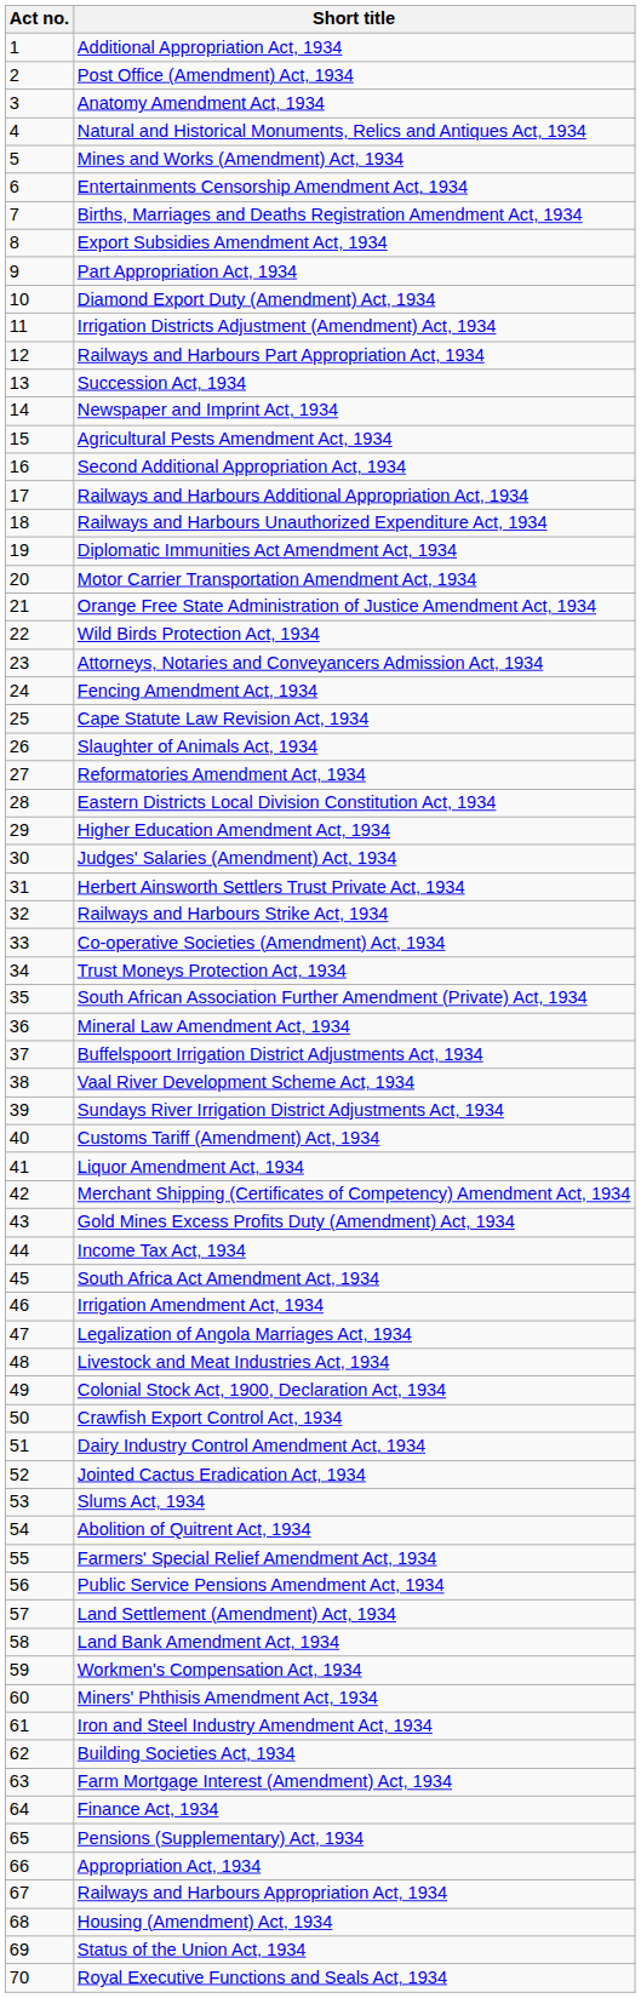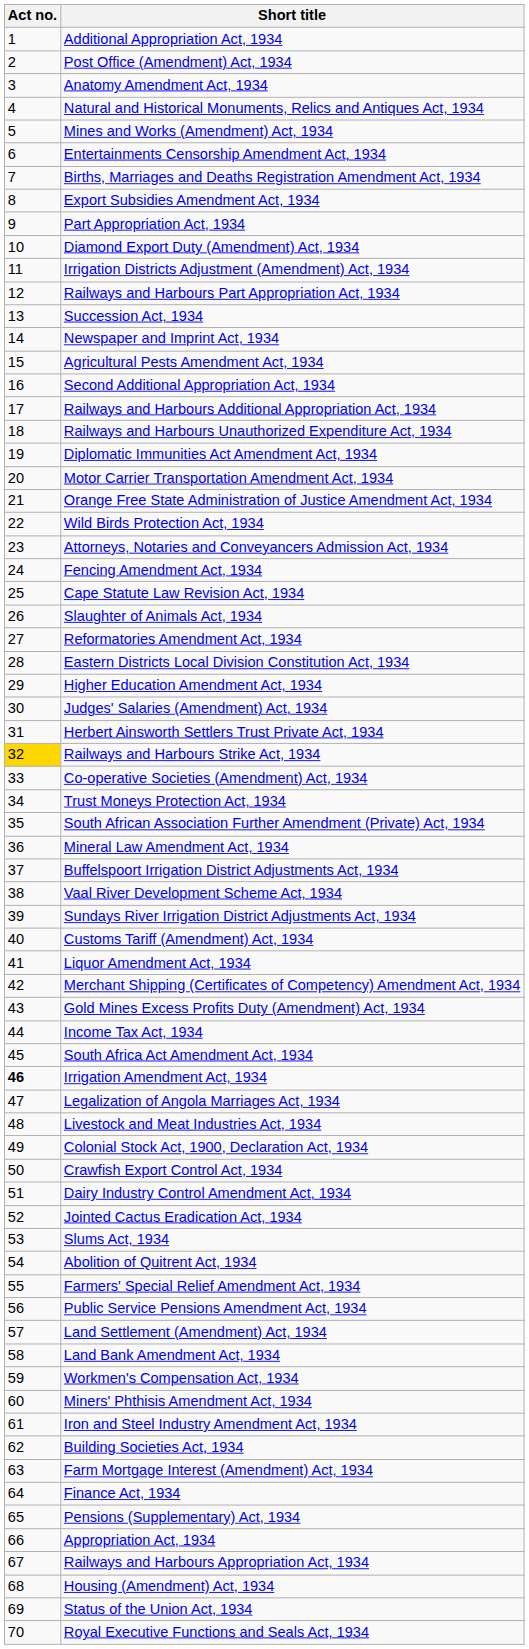 <table class="wikitable sortable">
 <tr>
 <th>Act no.</th>
 <th>Short title</th>
 </tr>
 <tr>
 <td>1</td>
 <td><a href='#'>Additional Appropriation Act, 1934</a></td>
 </tr>
 <tr>
 <td>2</td>
 <td><a href='#'>Post Office (Amendment) Act, 1934</a></td>
 </tr>
 <tr>
 <td>3</td>
 <td><a href='#'>Anatomy Amendment Act, 1934</a></td>
 </tr>
 <tr>
 <td>4</td>
 <td><a href='#'>Natural and Historical Monuments, Relics and Antiques Act, 1934</a></td>
 </tr>
 <tr>
 <td>5</td>
 <td><a href='#'>Mines and Works (Amendment) Act, 1934</a></td>
 </tr>
 <tr>
 <td>6</td>
 <td><a href='#'>Entertainments Censorship Amendment Act, 1934</a></td>
 </tr>
 <tr>
 <td>7</td>
 <td><a href='#'>Births, Marriages and Deaths Registration Amendment Act, 1934</a></td>
 </tr>
 <tr>
 <td>8</td>
 <td><a href='#'>Export Subsidies Amendment Act, 1934</a></td>
 </tr>
 <tr>
 <td>9</td>
 <td><a href='#'>Part Appropriation Act, 1934</a></td>
 </tr>
 <tr>
 <td>10</td>
 <td><a href='#'>Diamond Export Duty (Amendment) Act, 1934</a></td>
 </tr>
 <tr>
 <td>11</td>
 <td><a href='#'>Irrigation Districts Adjustment (Amendment) Act, 1934</a></td>
 </tr>
 <tr>
 <td>12</td>
 <td><a href='#'>Railways and Harbours Part Appropriation Act, 1934</a></td>
 </tr>
 <tr>
 <td>13</td>
 <td><a href='#'>Succession Act, 1934</a></td>
 </tr>
 <tr>
 <td>14</td>
 <td><a href='#'>Newspaper and Imprint Act, 1934</a></td>
 </tr>
 <tr>
 <td>15</td>
 <td><a href='#'>Agricultural Pests Amendment Act, 1934</a></td>
 </tr>
 <tr>
 <td>16</td>
 <td><a href='#'>Second Additional Appropriation Act, 1934</a></td>
 </tr>
 <tr>
 <td>17</td>
 <td><a href='#'>Railways and Harbours Additional Appropriation Act, 1934</a></td>
 </tr>
 <tr>
 <td>18</td>
 <td><a href='#'>Railways and Harbours Unauthorized Expenditure Act, 1934</a></td>
 </tr>
 <tr>
 <td>19</td>
 <td><a href='#'>Diplomatic Immunities Act Amendment Act, 1934</a></td>
 </tr>
 <tr>
 <td>20</td>
 <td><a href='#'>Motor Carrier Transportation Amendment Act, 1934</a></td>
 </tr>
 <tr>
 <td>21</td>
 <td><a href='#'>Orange Free State Administration of Justice Amendment Act, 1934</a></td>
 </tr>
 <tr>
 <td>22</td>
 <td><a href='#'>Wild Birds Protection Act, 1934</a></td>
 </tr>
 <tr>
 <td>23</td>
 <td><a href='#'>Attorneys, Notaries and Conveyancers Admission Act, 1934</a></td>
 </tr>
 <tr>
 <td>24</td>
 <td><a href='#'>Fencing Amendment Act, 1934</a></td>
 </tr>
 <tr>
 <td>25</td>
 <td><a href='#'>Cape Statute Law Revision Act, 1934</a></td>
 </tr>
 <tr>
 <td>26</td>
 <td><a href='#'>Slaughter of Animals Act, 1934</a></td>
 </tr>
 <tr>
 <td>27</td>
 <td><a href='#'>Reformatories Amendment Act, 1934</a></td>
 </tr>
 <tr>
 <td>28</td>
 <td><a href='#'>Eastern Districts Local Division Constitution Act, 1934</a></td>
 </tr>
 <tr>
 <td>29</td>
 <td><a href='#'>Higher Education Amendment Act, 1934</a></td>
 </tr>
 <tr>
 <td>30</td>
 <td><a href='#'>Judges' Salaries (Amendment) Act, 1934</a></td>
 </tr>
 <tr>
 <td>31</td>
 <td><a href='#'>Herbert Ainsworth Settlers Trust Private Act, 1934</a></td>
 </tr>
 <tr>
-<td>32</td>
+<td style="background: gold;">32</td>
 <td><a href='#'>Railways and Harbours Strike Act, 1934</a></td>
 </tr>
 <tr>
 <td>33</td>
 <td><a href='#'>Co-operative Societies (Amendment) Act, 1934</a></td>
 </tr>
 <tr>
 <td>34</td>
 <td><a href='#'>Trust Moneys Protection Act, 1934</a></td>
 </tr>
 <tr>
 <td>35</td>
 <td><a href='#'>South African Association Further Amendment (Private) Act, 1934</a></td>
 </tr>
 <tr>
 <td>36</td>
 <td><a href='#'>Mineral Law Amendment Act, 1934</a></td>
 </tr>
 <tr>
 <td>37</td>
 <td><a href='#'>Buffelspoort Irrigation District Adjustments Act, 1934</a></td>
 </tr>
 <tr>
 <td>38</td>
 <td><a href='#'>Vaal River Development Scheme Act, 1934</a></td>
 </tr>
 <tr>
 <td>39</td>
 <td><a href='#'>Sundays River Irrigation District Adjustments Act, 1934</a></td>
 </tr>
 <tr>
 <td>40</td>
 <td><a href='#'>Customs Tariff (Amendment) Act, 1934</a></td>
 </tr>
 <tr>
 <td>41</td>
 <td><a href='#'>Liquor Amendment Act, 1934</a></td>
 </tr>
 <tr>
 <td>42</td>
 <td><a href='#'>Merchant Shipping (Certificates of Competency) Amendment Act, 1934</a></td>
 </tr>
 <tr>
 <td>43</td>
 <td><a href='#'>Gold Mines Excess Profits Duty (Amendment) Act, 1934</a></td>
 </tr>
 <tr>
 <td>44</td>
 <td><a href='#'>Income Tax Act, 1934</a></td>
 </tr>
 <tr>
 <td>45</td>
 <td><a href='#'>South Africa Act Amendment Act, 1934</a></td>
 </tr>
 <tr>
-<td>46</td>
+<td><strong>46</strong></td>
 <td><a href='#'>Irrigation Amendment Act, 1934</a></td>
 </tr>
 <tr>
 <td>47</td>
 <td><a href='#'>Legalization of Angola Marriages Act, 1934</a></td>
 </tr>
 <tr>
 <td>48</td>
 <td><a href='#'>Livestock and Meat Industries Act, 1934</a></td>
 </tr>
 <tr>
 <td>49</td>
 <td><a href='#'>Colonial Stock Act, 1900, Declaration Act, 1934</a></td>
 </tr>
 <tr>
 <td>50</td>
 <td><a href='#'>Crawfish Export Control Act, 1934</a></td>
 </tr>
 <tr>
 <td>51</td>
 <td><a href='#'>Dairy Industry Control Amendment Act, 1934</a></td>
 </tr>
 <tr>
 <td>52</td>
 <td><a href='#'>Jointed Cactus Eradication Act, 1934</a></td>
 </tr>
 <tr>
 <td>53</td>
 <td><a href='#'>Slums Act, 1934</a></td>
 </tr>
 <tr>
 <td>54</td>
 <td><a href='#'>Abolition of Quitrent Act, 1934</a></td>
 </tr>
 <tr>
 <td>55</td>
 <td><a href='#'>Farmers' Special Relief Amendment Act, 1934</a></td>
 </tr>
 <tr>
 <td>56</td>
 <td><a href='#'>Public Service Pensions Amendment Act, 1934</a></td>
 </tr>
 <tr>
 <td>57</td>
 <td><a href='#'>Land Settlement (Amendment) Act, 1934</a></td>
 </tr>
 <tr>
 <td>58</td>
 <td><a href='#'>Land Bank Amendment Act, 1934</a></td>
 </tr>
 <tr>
 <td>59</td>
 <td><a href='#'>Workmen's Compensation Act, 1934</a></td>
 </tr>
 <tr>
 <td>60</td>
 <td><a href='#'>Miners' Phthisis Amendment Act, 1934</a></td>
 </tr>
 <tr>
 <td>61</td>
 <td><a href='#'>Iron and Steel Industry Amendment Act, 1934</a></td>
 </tr>
 <tr>
 <td>62</td>
 <td><a href='#'>Building Societies Act, 1934</a></td>
 </tr>
 <tr>
 <td>63</td>
 <td><a href='#'>Farm Mortgage Interest (Amendment) Act, 1934</a></td>
 </tr>
 <tr>
 <td>64</td>
 <td><a href='#'>Finance Act, 1934</a></td>
 </tr>
 <tr>
 <td>65</td>
 <td><a href='#'>Pensions (Supplementary) Act, 1934</a></td>
 </tr>
 <tr>
 <td>66</td>
 <td><a href='#'>Appropriation Act, 1934</a></td>
 </tr>
 <tr>
 <td>67</td>
 <td><a href='#'>Railways and Harbours Appropriation Act, 1934</a></td>
 </tr>
 <tr>
 <td>68</td>
 <td><a href='#'>Housing (Amendment) Act, 1934</a></td>
 </tr>
 <tr>
 <td>69</td>
 <td><a href='#'>Status of the Union Act, 1934</a></td>
 </tr>
 <tr>
 <td>70</td>
 <td><a href='#'>Royal Executive Functions and Seals Act, 1934</a></td>
 </tr>
 </table>
